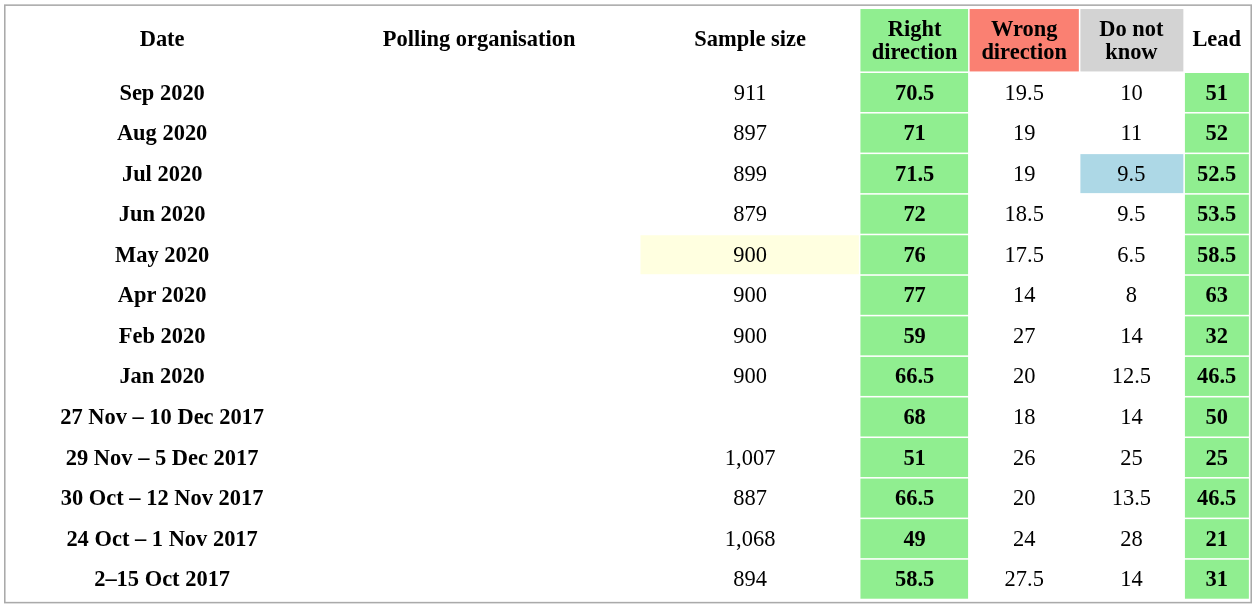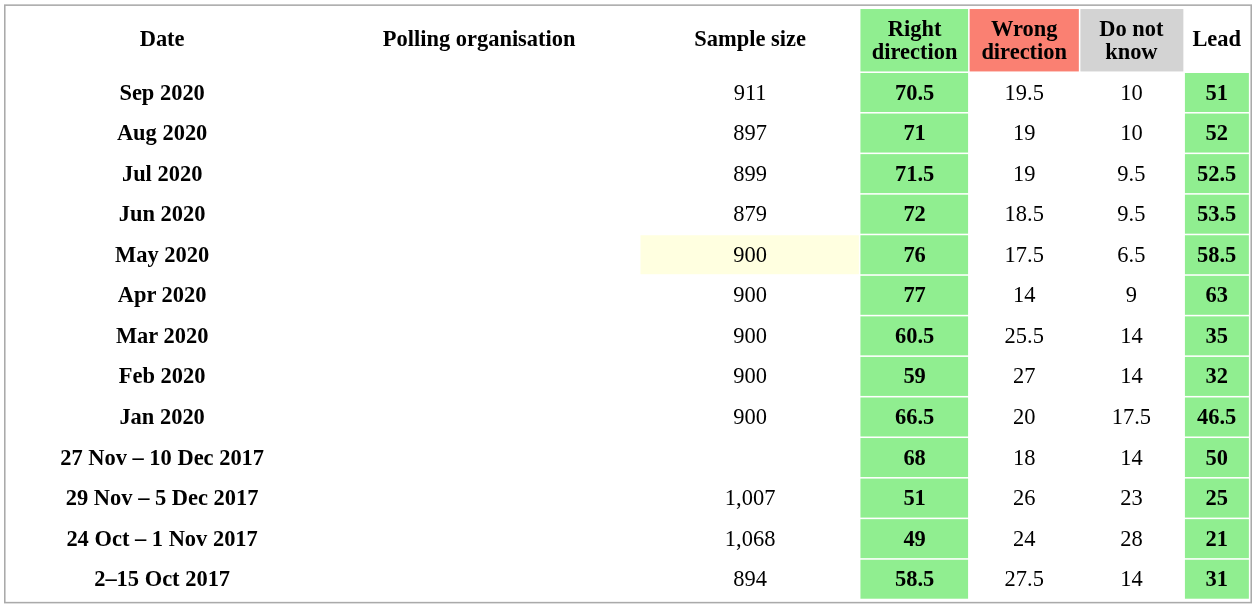 <table class="sortable" "toccolours" cellpadding="5" cellspacing="1" style="width:800px; text-align:center; line-height:15px; float:left; margin-right:.5em; margin-top:.4em; font-size:90%; border: 1px solid #aaa">
 <tr>
 </tr>
 <tr style="height:40px">
 <th style="width:15em;">Date</th>
 <th style="width:15em;">Polling organisation</th>
 <th style="width:10em;">Sample size</th>
 <th style="background-color:lightgreen;width:60px">Right direction</th>
 <th style="background-color:salmon;width:60px">Wrong direction</th>
 <th style="background-color:lightgray;width:60px">Do not know</th>
 <th style="width:2em;" data-sort-type="number">Lead</th>
 </tr>
 <tr>
 <td data-sort-value="2020-09"><strong>Sep 2020</strong></td>
 <td></td>
 <td>911</td>
 <td style="background:lightgreen"><strong>70.5</strong></td>
 <td>19.5</td>
 <td>10</td>
 <td style="background:lightgreen;"><strong>51</strong></td>
 </tr>
 <tr>
 <td data-sort-value="2020-08"><strong>Aug 2020</strong></td>
 <td></td>
 <td>897</td>
 <td style="background:lightgreen"><strong>71</strong></td>
 <td>19</td>
-<td>11</td>
+<td>10</td>
 <td style="background:lightgreen;"><strong>52</strong></td>
 </tr>
 <tr>
 <td data-sort-value="2020-07"><strong>Jul 2020</strong></td>
 <td></td>
 <td>899</td>
 <td style="background:lightgreen"><strong>71.5</strong></td>
 <td>19</td>
-<td style="background: lightblue;">9.5</td>
+<td>9.5</td>
 <td style="background:lightgreen;"><strong>52.5</strong></td>
 </tr>
 <tr>
 <td data-sort-value="2020-06"><strong>Jun 2020</strong></td>
 <td></td>
 <td>879</td>
 <td style="background:lightgreen"><strong>72</strong></td>
 <td>18.5</td>
 <td>9.5</td>
 <td style="background:lightgreen;"><strong>53.5</strong></td>
 </tr>
 <tr>
 <td data-sort-value="2020-05"><strong>May 2020</strong></td>
 <td></td>
 <td style="background: lightyellow;">900</td>
 <td style="background:lightgreen"><strong>76</strong></td>
 <td>17.5</td>
 <td>6.5</td>
 <td style="background:lightgreen;"><strong>58.5</strong></td>
 </tr>
 <tr>
 <td data-sort-value="2020-04"><strong>Apr 2020</strong></td>
 <td></td>
 <td>900</td>
 <td style="background:lightgreen"><strong>77</strong></td>
 <td>14</td>
-<td>8</td>
+<td>9</td>
 <td style="background:lightgreen;"><strong>63</strong></td>
+</tr>
+<tr>
+<td data-sort-value="2020-03"><strong>Mar 2020</strong></td>
+<td></td>
+<td>900</td>
+<td style="background:lightgreen"><strong>60.5</strong></td>
+<td>25.5</td>
+<td>14</td>
+<td style="background:lightgreen;"><strong>35</strong></td>
 </tr>
 <tr>
 <td data-sort-value="2020-02"><strong>Feb 2020</strong></td>
 <td></td>
 <td>900</td>
 <td style="background:lightgreen"><strong>59</strong></td>
 <td>27</td>
 <td>14</td>
 <td style="background:lightgreen;"><strong>32</strong></td>
 </tr>
 <tr>
 <td data-sort-value="2020-01"><strong>Jan 2020</strong></td>
 <td></td>
 <td>900</td>
 <td style="background:lightgreen"><strong>66.5</strong></td>
 <td>20</td>
-<td>12.5</td>
+<td>17.5</td>
 <td style="background:lightgreen;"><strong>46.5</strong></td>
 </tr>
 <tr>
 <td data-sort-value="2017-12-10"><strong>27 Nov – 10 Dec 2017</strong></td>
 <td></td>
 <td></td>
 <td style="background:lightgreen"><strong>68</strong></td>
 <td>18</td>
 <td>14</td>
 <td style="background:lightgreen;"><strong>50</strong></td>
 </tr>
 <tr>
 <td data-sort-value="2017-12-05"><strong>29 Nov – 5 Dec 2017</strong></td>
 <td></td>
 <td>1,007</td>
 <td style="background:lightgreen"><strong>51</strong></td>
 <td>26</td>
-<td>25</td>
+<td>23</td>
 <td style="background:lightgreen;"><strong>25</strong></td>
-</tr>
-<tr>
-<td data-sort-value="2017-11-12"><strong>30 Oct – 12 Nov 2017</strong></td>
-<td></td>
-<td>887</td>
-<td style="background:lightgreen"><strong>66.5</strong></td>
-<td>20</td>
-<td>13.5</td>
-<td style="background:lightgreen;"><strong>46.5</strong></td>
 </tr>
 <tr>
 <td data-sort-value="2017-11-01"><strong>24 Oct – 1 Nov 2017</strong></td>
 <td></td>
 <td>1,068</td>
 <td style="background:lightgreen"><strong>49</strong></td>
 <td>24</td>
 <td>28</td>
 <td style="background:lightgreen;"><strong>21</strong></td>
 </tr>
 <tr>
 <td data-sort-value="2017-10-15"><strong>2–15 Oct 2017</strong></td>
 <td></td>
 <td>894</td>
 <td style="background:lightgreen"><strong>58.5</strong></td>
 <td>27.5</td>
 <td>14</td>
 <td style="background:lightgreen;"><strong>31</strong></td>
 </tr>
 <tr>
 </tr>
 </table>
